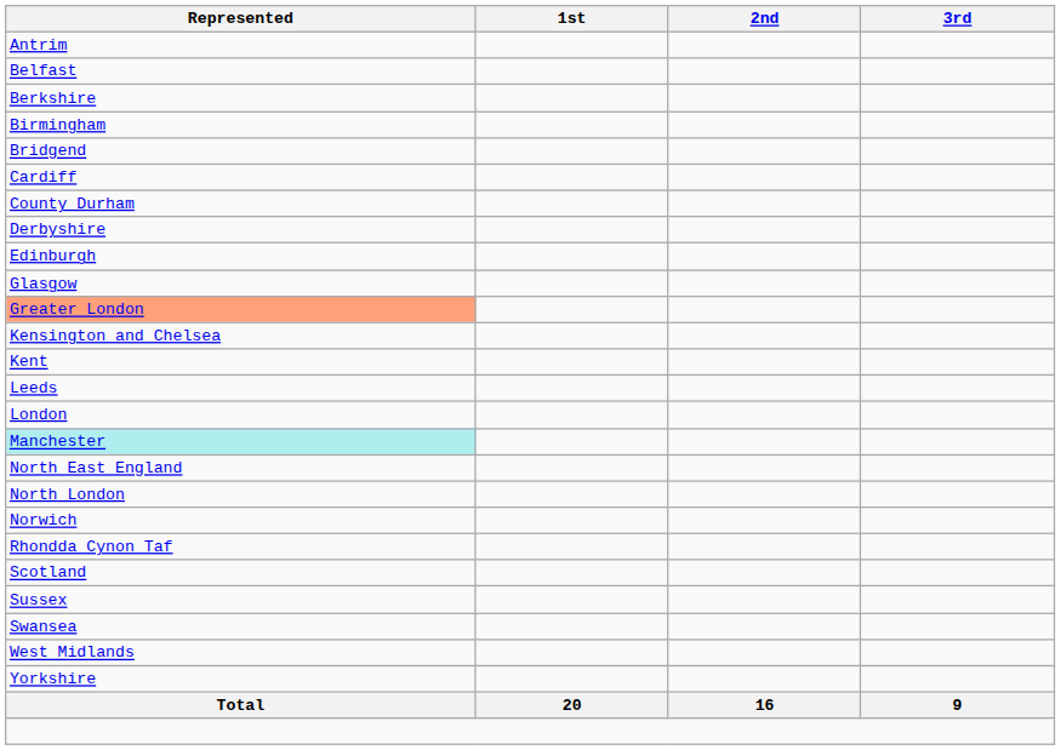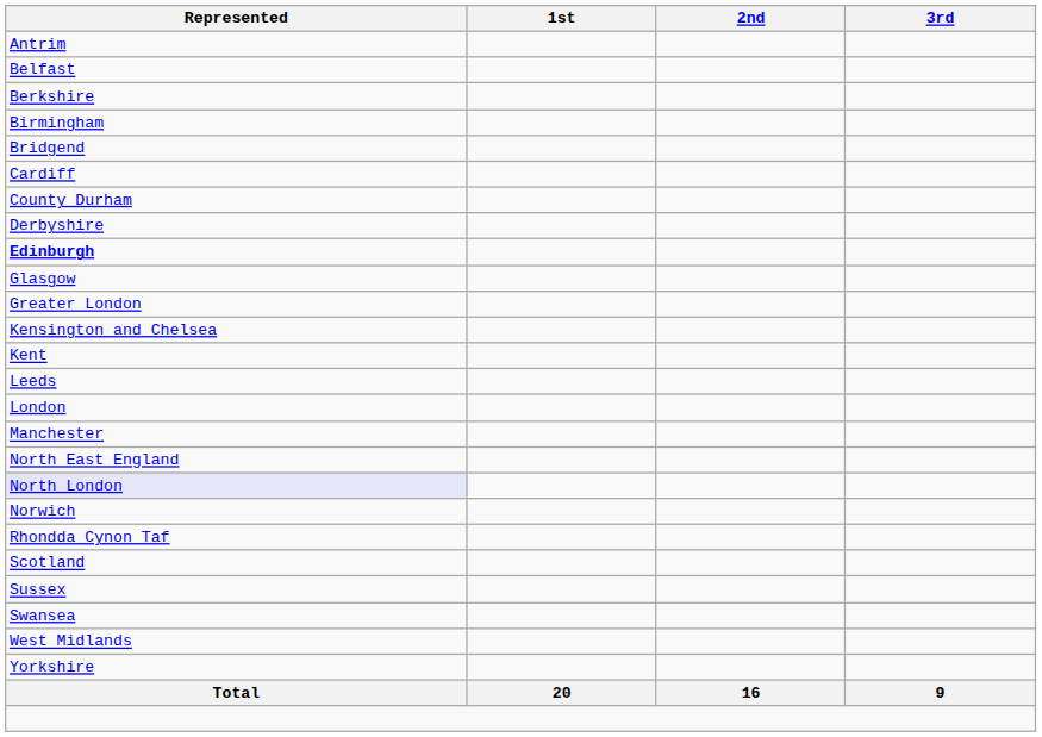 <table class="wikitable sortable" style="font-size: 80%;">
 <tr>
 <th width=300>Represented</th>
 <th width=120>1st</th>
 <th width=120><a href='#'>2nd</a></th>
 <th width=120><a href='#'>3rd</a></th>
 </tr>
 <tr>
 <td><a href='#'>Antrim</a></td>
 <td></td>
 <td></td>
 <td></td>
 </tr>
 <tr>
 <td><a href='#'>Belfast</a></td>
 <td></td>
 <td></td>
 <td></td>
 </tr>
 <tr>
 <td><a href='#'>Berkshire</a></td>
 <td></td>
 <td></td>
 <td></td>
 </tr>
 <tr>
 <td><a href='#'>Birmingham</a></td>
 <td></td>
 <td></td>
 <td></td>
 </tr>
 <tr>
 <td><a href='#'>Bridgend</a></td>
 <td></td>
 <td></td>
 <td></td>
 </tr>
 <tr>
 <td><a href='#'>Cardiff</a></td>
 <td></td>
 <td></td>
 <td></td>
 </tr>
 <tr>
 <td><a href='#'>County Durham</a></td>
 <td></td>
 <td></td>
 <td></td>
 </tr>
 <tr>
 <td><a href='#'>Derbyshire</a></td>
 <td></td>
 <td></td>
 <td></td>
 </tr>
 <tr>
-<td><a href='#'>Edinburgh</a></td>
+<td><strong><a href='#'>Edinburgh</a></strong></td>
 <td></td>
 <td></td>
 <td></td>
 </tr>
 <tr>
 <td><a href='#'>Glasgow</a></td>
 <td></td>
 <td></td>
 <td></td>
 </tr>
 <tr>
-<td style="background: lightsalmon;"><a href='#'>Greater London</a></td>
+<td><a href='#'>Greater London</a></td>
 <td></td>
 <td></td>
 <td></td>
 </tr>
 <tr>
 <td><a href='#'>Kensington and Chelsea</a></td>
 <td></td>
 <td></td>
 <td></td>
 </tr>
 <tr>
 <td><a href='#'>Kent</a></td>
 <td></td>
 <td></td>
 <td></td>
 </tr>
 <tr>
 <td><a href='#'>Leeds</a></td>
 <td></td>
 <td></td>
 <td></td>
 </tr>
 <tr>
 <td><a href='#'>London</a></td>
 <td></td>
 <td></td>
 <td></td>
 </tr>
 <tr>
-<td style="background: paleturquoise;"><a href='#'>Manchester</a></td>
+<td><a href='#'>Manchester</a></td>
 <td></td>
 <td></td>
 <td></td>
 </tr>
 <tr>
 <td><a href='#'>North East England</a></td>
 <td></td>
 <td></td>
 <td></td>
 </tr>
 <tr>
-<td><a href='#'>North London</a></td>
+<td style="background: lavender;"><a href='#'>North London</a></td>
 <td></td>
 <td></td>
 <td></td>
 </tr>
 <tr>
 <td><a href='#'>Norwich</a></td>
 <td></td>
 <td></td>
 <td></td>
 </tr>
 <tr>
 <td><a href='#'>Rhondda Cynon Taf</a></td>
 <td></td>
 <td></td>
 <td></td>
 </tr>
 <tr>
 <td><a href='#'>Scotland</a></td>
 <td></td>
 <td></td>
 <td></td>
 </tr>
 <tr>
 <td><a href='#'>Sussex</a></td>
 <td></td>
 <td></td>
 <td></td>
 </tr>
 <tr>
 <td><a href='#'>Swansea</a></td>
 <td></td>
 <td></td>
 <td></td>
 </tr>
 <tr>
 <td><a href='#'>West Midlands</a></td>
 <td></td>
 <td></td>
 <td></td>
 </tr>
 <tr>
 <td><a href='#'>Yorkshire</a></td>
 <td></td>
 <td></td>
 <td></td>
 </tr>
 <tr>
 <th>Total</th>
 <th>20</th>
 <th>16</th>
 <th>9</th>
 </tr>
 <tr>
 <td colspan="9" align=left><br></td>
 </tr>
 </table>
